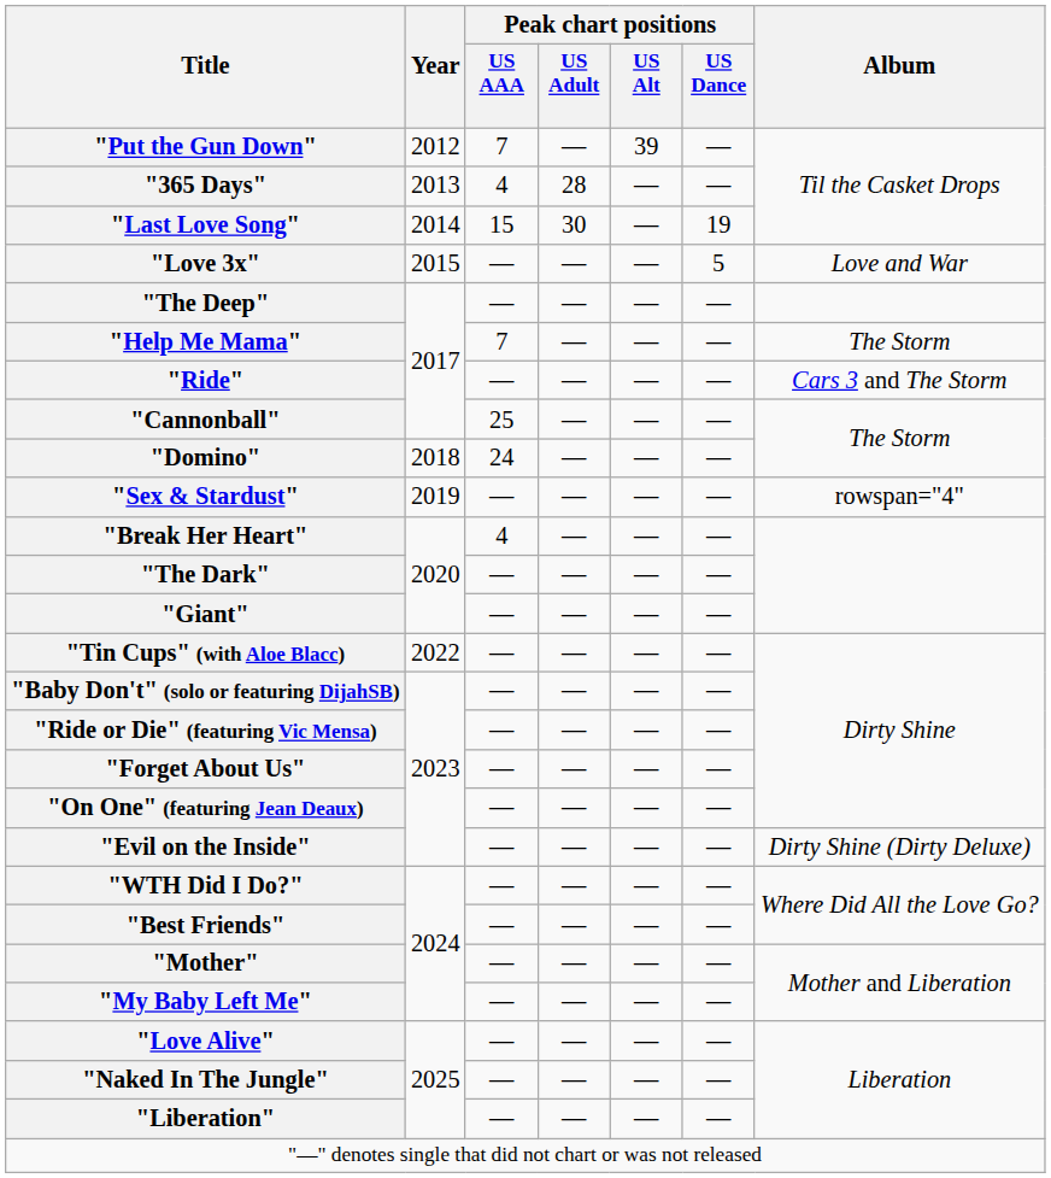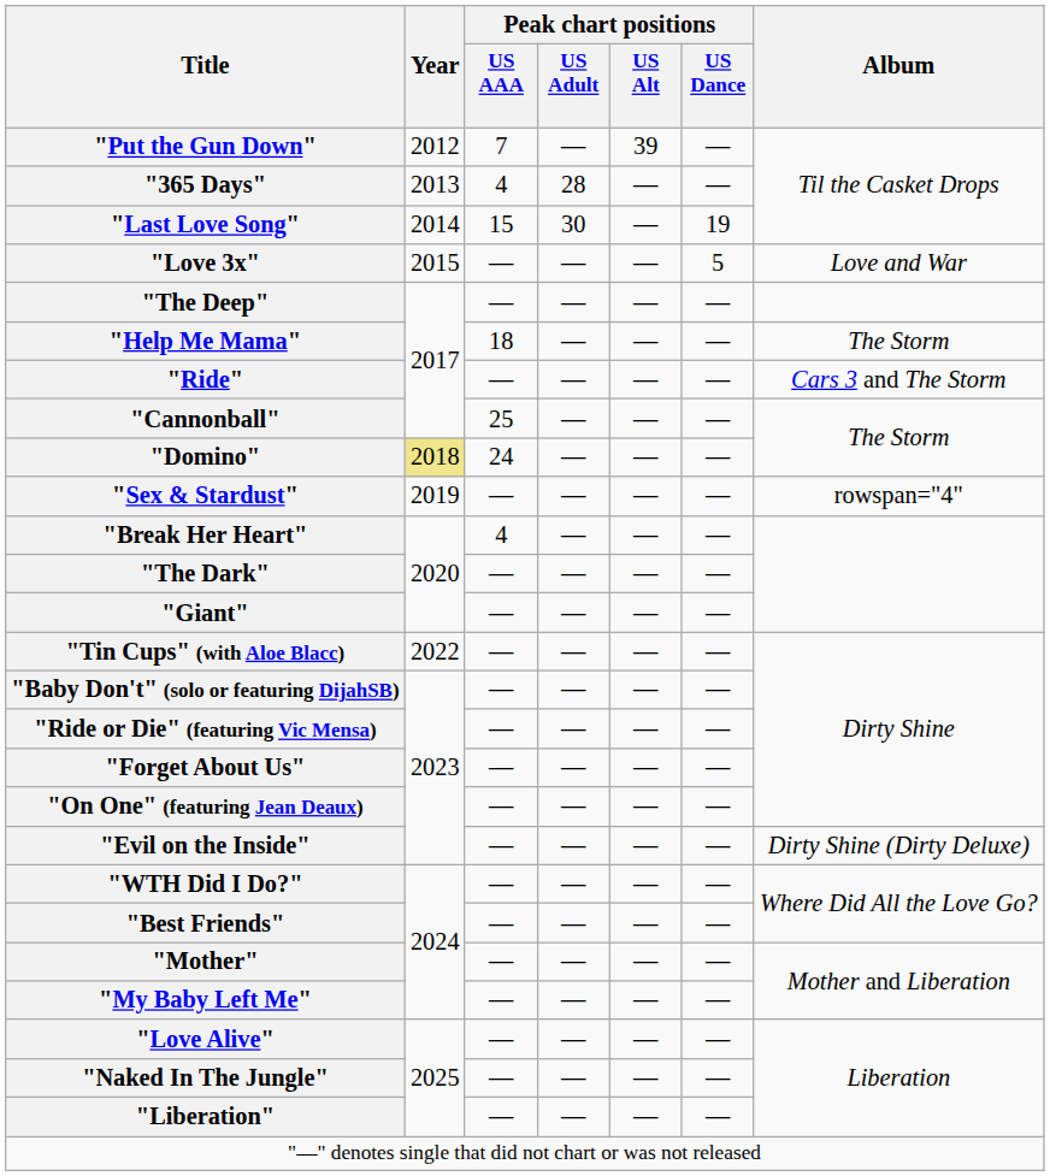 <table class="wikitable plainrowheaders" style="text-align:center;">
 <tr>
 <th rowspan="2" scope="col">Title</th>
 <th rowspan="2" scope="col">Year</th>
 <th colspan="4" scope="col">Peak chart positions</th>
 <th rowspan="2" scope="col">Album</th>
 </tr>
 <tr>
 <th scope="col" style="width:3em;font-size:85%;"><a href='#'>US<br>AAA</a><br><br></th>
 <th scope="col" style="width:3em;font-size:85%;"><a href='#'>US<br>Adult</a><br><br></th>
 <th scope="col" style="width:3em;font-size:85%;"><a href='#'>US<br>Alt</a><br><br></th>
 <th scope="col" style="width:3em;font-size:85%;"><a href='#'>US<br>Dance</a><br><br></th>
 </tr>
 <tr>
 <th scope="row">"<a href='#'>Put the Gun Down</a>"</th>
 <td>2012</td>
 <td>7</td>
 <td>—</td>
 <td>39</td>
 <td>—</td>
 <td rowspan="3"><em>Til the Casket Drops</em></td>
 </tr>
 <tr>
 <th scope="row">"365 Days"</th>
 <td>2013</td>
 <td>4</td>
 <td>28</td>
 <td>—</td>
 <td>—</td>
 </tr>
 <tr>
 <th scope="row">"<a href='#'>Last Love Song</a>"</th>
 <td>2014</td>
 <td>15</td>
 <td>30</td>
 <td>—</td>
 <td>19</td>
 </tr>
 <tr>
 <th scope="row">"Love 3x"</th>
 <td>2015</td>
 <td>—</td>
 <td>—</td>
 <td>—</td>
 <td>5</td>
 <td><em>Love and War</em></td>
 </tr>
 <tr>
 <th scope="row">"The Deep" </th>
 <td rowspan="4">2017</td>
 <td>—</td>
 <td>—</td>
 <td>—</td>
 <td>—</td>
 <td></td>
 </tr>
 <tr>
 <th scope="row">"<a href='#'>Help Me Mama</a>"</th>
-<td>7</td>
+<td>18</td>
 <td>—</td>
 <td>—</td>
 <td>—</td>
 <td><em>The Storm</em></td>
 </tr>
 <tr>
 <th scope="row">"<a href='#'>Ride</a>" </th>
 <td>—</td>
 <td>—</td>
 <td>—</td>
 <td>—</td>
 <td><em><a href='#'>Cars 3</a></em> and <em>The Storm</em></td>
 </tr>
 <tr>
 <th scope="row">"Cannonball" </th>
 <td>25</td>
 <td>—</td>
 <td>—</td>
 <td>—</td>
 <td rowspan="2"><em>The Storm</em></td>
 </tr>
 <tr>
 <th scope="row">"Domino" </th>
-<td>2018</td>
+<td style="background: khaki;">2018</td>
 <td>24</td>
 <td>—</td>
 <td>—</td>
 <td>—</td>
 </tr>
 <tr>
 <th scope="row">"<a href='#'>Sex & Stardust</a>"</th>
 <td>2019</td>
 <td>—</td>
 <td>—</td>
 <td>—</td>
 <td>—</td>
 <td>rowspan="4" </td>
 </tr>
 <tr>
 <th scope="row">"Break Her Heart"</th>
 <td rowspan="3">2020</td>
 <td>4</td>
 <td>—</td>
 <td>—</td>
 <td>—</td>
 </tr>
 <tr>
 <th scope="row">"The Dark"</th>
 <td>—</td>
 <td>—</td>
 <td>—</td>
 <td>—</td>
 </tr>
 <tr>
 <th scope="row">"Giant"</th>
 <td>—</td>
 <td>—</td>
 <td>—</td>
 <td>—</td>
 </tr>
 <tr>
 <th scope="row">"Tin Cups" <small>(with <a href='#'>Aloe Blacc</a>)</small></th>
 <td>2022</td>
 <td>—</td>
 <td>—</td>
 <td>—</td>
 <td>—</td>
 <td rowspan="5"><em>Dirty Shine</em></td>
 </tr>
 <tr>
 <th scope="row">"Baby Don't" <small>(solo or featuring <a href='#'>DijahSB</a>)</small></th>
 <td rowspan="5">2023</td>
 <td>—</td>
 <td>—</td>
 <td>—</td>
 <td>—</td>
 </tr>
 <tr>
 <th scope="row">"Ride or Die" <small>(featuring <a href='#'>Vic Mensa</a>)</small></th>
 <td>—</td>
 <td>—</td>
 <td>—</td>
 <td>—</td>
 </tr>
 <tr>
 <th scope="row">"Forget About Us"</th>
 <td>—</td>
 <td>—</td>
 <td>—</td>
 <td>—</td>
 </tr>
 <tr>
 <th scope="row">"On One" <small>(featuring <a href='#'>Jean Deaux</a>)</small></th>
 <td>—</td>
 <td>—</td>
 <td>—</td>
 <td>—</td>
 </tr>
 <tr>
 <th scope="row">"Evil on the Inside"</th>
 <td>—</td>
 <td>—</td>
 <td>—</td>
 <td>—</td>
 <td><em>Dirty Shine (Dirty Deluxe)</em></td>
 </tr>
 <tr>
 <th scope="row">"WTH Did I Do?"</th>
 <td rowspan="4">2024</td>
 <td>—</td>
 <td>—</td>
 <td>—</td>
 <td>—</td>
 <td rowspan="2"><em>Where Did All the Love Go?</em></td>
 </tr>
 <tr>
 <th scope="row">"Best Friends"</th>
 <td>—</td>
 <td>—</td>
 <td>—</td>
 <td>—</td>
 </tr>
 <tr>
 <th scope="row">"Mother"</th>
 <td>—</td>
 <td>—</td>
 <td>—</td>
 <td>—</td>
 <td rowspan="2"><em>Mother</em> and <em>Liberation</em></td>
 </tr>
 <tr>
 <th scope="row">"<a href='#'>My Baby Left Me</a>"</th>
 <td>—</td>
 <td>—</td>
 <td>—</td>
 <td>—</td>
 </tr>
 <tr>
 <th scope="row">"<a href='#'>Love Alive</a>"</th>
 <td rowspan="3">2025</td>
 <td>—</td>
 <td>—</td>
 <td>—</td>
 <td>—</td>
 <td rowspan="3"><em>Liberation</em></td>
 </tr>
 <tr>
 <th scope="row">"Naked In The Jungle"</th>
 <td>—</td>
 <td>—</td>
 <td>—</td>
 <td>—</td>
 </tr>
 <tr>
 <th scope="row">"Liberation"</th>
 <td>—</td>
 <td>—</td>
 <td>—</td>
 <td>—</td>
 </tr>
 <tr>
 <td colspan="7" style="font-size:85%">"—" denotes single that did not chart or was not released</td>
 </tr>
 </table>
